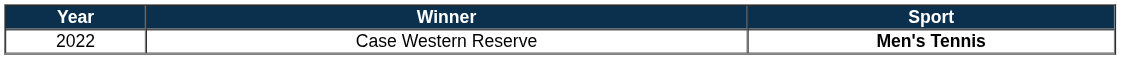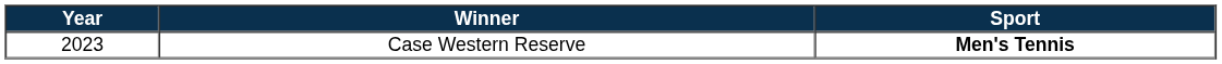 <table bcellpadding="1" border="1" cellspacing="0" style="width:80%;"valign="top">
 <tr>
 <th - style="background:#0A304E; color:white">Year</th>
 <th - style="background:#0A304E; color:white">Winner</th>
 <th - style="background:#0A304E; color:white">Sport</th>
 </tr>
 <tr style="text-align:center;">
-<td>2022</td>
+<td>2023</td>
 <td>Case Western Reserve</td>
 <td><strong>Men's Tennis</strong></td>
 </tr>
 <tr style="text-align:center;">
 </tr>
 </table>
